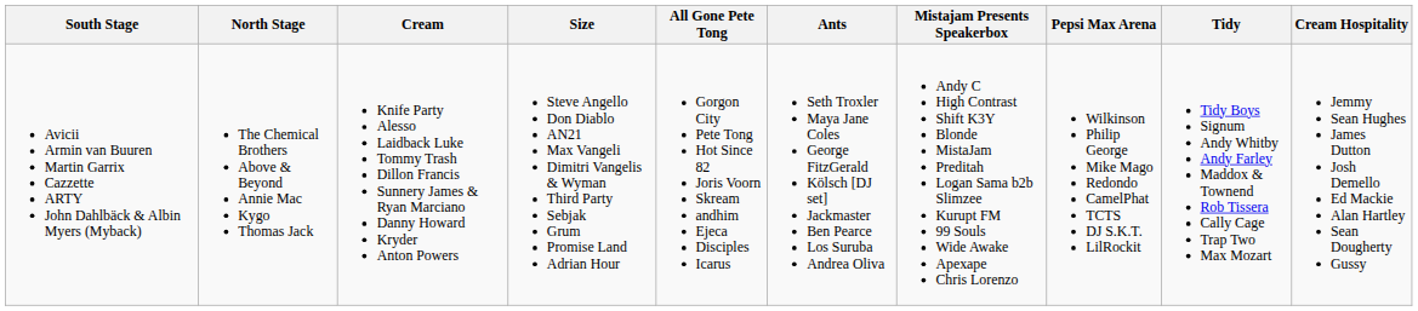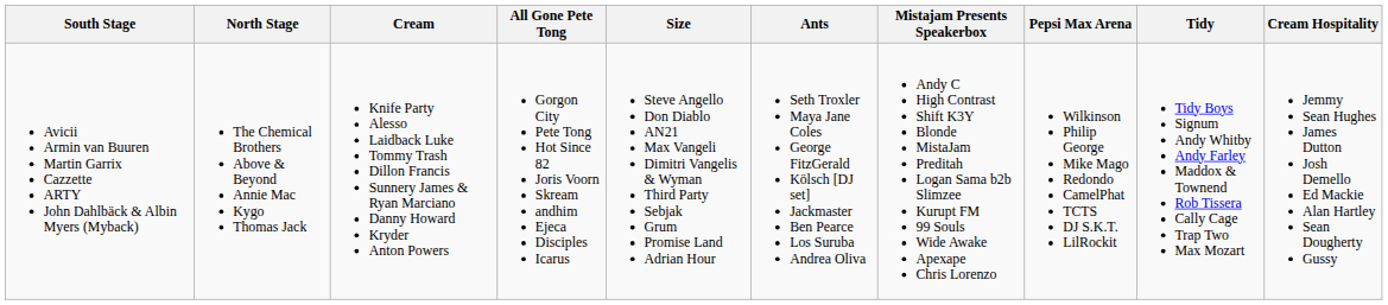 <table class="wikitable">
 <tr>
 <th>South Stage</th>
 <th>North Stage</th>
 <th>Cream</th>
+<th>All Gone Pete Tong</th>
 <th>Size</th>
-<th>All Gone Pete Tong</th>
 <th>Ants</th>
 <th>Mistajam Presents Speakerbox</th>
 <th>Pepsi Max Arena</th>
 <th>Tidy</th>
 <th>Cream Hospitality</th>
 </tr>
 <tr>
 <td><br><ul><li>Avicii</li><li>Armin van Buuren</li><li>Martin Garrix</li><li>Cazzette</li><li>ARTY</li><li>John Dahlbäck & Albin Myers (Myback)</li></ul></td>
 <td><br><ul><li>The Chemical Brothers</li><li>Above & Beyond</li><li>Annie Mac</li><li>Kygo</li><li>Thomas Jack</li></ul></td>
 <td><br><ul><li>Knife Party</li><li>Alesso</li><li>Laidback Luke</li><li>Tommy Trash</li><li>Dillon Francis</li><li>Sunnery James & Ryan Marciano</li><li>Danny Howard</li><li>Kryder</li><li>Anton Powers</li></ul></td>
+<td><br><ul><li>Gorgon City</li><li>Pete Tong</li><li>Hot Since 82</li><li>Joris Voorn</li><li>Skream</li><li>andhim</li><li>Ejeca</li><li>Disciples</li><li>Icarus</li></ul></td>
 <td><br><ul><li>Steve Angello</li><li>Don Diablo</li><li>AN21</li><li>Max Vangeli</li><li>Dimitri Vangelis & Wyman</li><li>Third Party</li><li>Sebjak</li><li>Grum</li><li>Promise Land</li><li>Adrian Hour</li></ul></td>
-<td><br><ul><li>Gorgon City</li><li>Pete Tong</li><li>Hot Since 82</li><li>Joris Voorn</li><li>Skream</li><li>andhim</li><li>Ejeca</li><li>Disciples</li><li>Icarus</li></ul></td>
 <td><br><ul><li>Seth Troxler</li><li>Maya Jane Coles</li><li>George FitzGerald</li><li>Kölsch [DJ set]</li><li>Jackmaster</li><li>Ben Pearce</li><li>Los Suruba</li><li>Andrea Oliva</li></ul></td>
 <td><br><ul><li>Andy C</li><li>High Contrast</li><li>Shift K3Y</li><li>Blonde</li><li>MistaJam</li><li>Preditah</li><li>Logan Sama b2b Slimzee</li><li>Kurupt FM</li><li>99 Souls</li><li>Wide Awake</li><li>Apexape</li><li>Chris Lorenzo</li></ul></td>
 <td><br><ul><li>Wilkinson</li><li>Philip George</li><li>Mike Mago</li><li>Redondo</li><li>CamelPhat</li><li>TCTS</li><li>DJ S.K.T.</li><li>LilRockit</li></ul></td>
 <td><br><ul><li><a href='#'>Tidy Boys</a></li><li>Signum</li><li>Andy Whitby</li><li><a href='#'>Andy Farley</a></li><li>Maddox & Townend</li><li><a href='#'>Rob Tissera</a></li><li>Cally Cage</li><li>Trap Two</li><li>Max Mozart</li></ul></td>
 <td><br><ul><li>Jemmy</li><li>Sean Hughes</li><li>James Dutton</li><li>Josh Demello</li><li>Ed Mackie</li><li>Alan Hartley</li><li>Sean Dougherty</li><li>Gussy</li></ul></td>
 </tr>
 </table>
